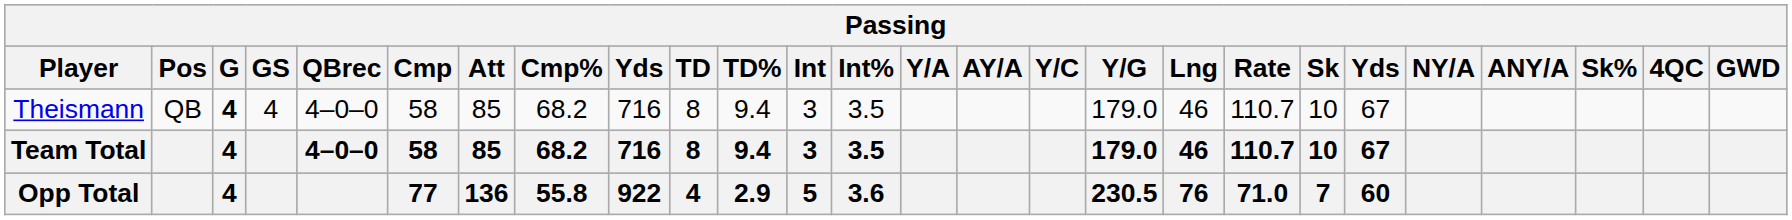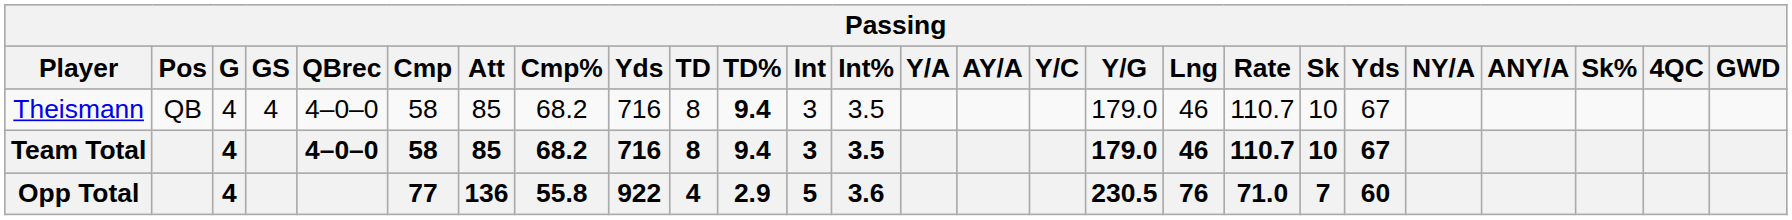 <table class="wikitable" style="text-align:center">
 <tr>
 <th colspan="26">Passing</th>
 </tr>
 <tr>
 <th>Player</th>
 <th>Pos</th>
 <th>G</th>
 <th>GS</th>
 <th>QBrec</th>
 <th>Cmp</th>
 <th>Att</th>
 <th>Cmp%</th>
 <th>Yds</th>
 <th>TD</th>
 <th>TD%</th>
 <th>Int</th>
 <th>Int%</th>
 <th>Y/A</th>
 <th>AY/A</th>
 <th>Y/C</th>
 <th>Y/G</th>
 <th>Lng</th>
 <th>Rate</th>
 <th>Sk</th>
 <th>Yds</th>
 <th>NY/A</th>
 <th>ANY/A</th>
 <th>Sk%</th>
 <th>4QC</th>
 <th>GWD</th>
 </tr>
 <tr>
 <td><a href='#'>Theismann</a></td>
 <td>QB</td>
-<td><strong>4</strong></td>
+<td>4</td>
 <td>4</td>
 <td>4–0–0</td>
 <td>58</td>
 <td>85</td>
 <td>68.2</td>
 <td>716</td>
 <td>8</td>
-<td>9.4</td>
+<td><strong>9.4</strong></td>
 <td>3</td>
 <td>3.5</td>
 <td></td>
 <td></td>
 <td></td>
 <td>179.0</td>
 <td>46</td>
 <td>110.7</td>
 <td>10</td>
 <td>67</td>
 <td></td>
 <td></td>
 <td></td>
 <td></td>
 <td></td>
 </tr>
 <tr>
 <th>Team Total</th>
 <th></th>
 <th>4</th>
 <th></th>
 <th>4–0–0</th>
 <th>58</th>
 <th>85</th>
 <th>68.2</th>
 <th>716</th>
 <th>8</th>
 <th>9.4</th>
 <th>3</th>
 <th>3.5</th>
 <th></th>
 <th></th>
 <th></th>
 <th>179.0</th>
 <th>46</th>
 <th>110.7</th>
 <th>10</th>
 <th>67</th>
 <th></th>
 <th></th>
 <th></th>
 <th></th>
 <th></th>
 </tr>
 <tr>
 <th>Opp Total</th>
 <th></th>
 <th>4</th>
 <th></th>
 <th></th>
 <th>77</th>
 <th>136</th>
 <th>55.8</th>
 <th>922</th>
 <th>4</th>
 <th>2.9</th>
 <th>5</th>
 <th>3.6</th>
 <th></th>
 <th></th>
 <th></th>
 <th>230.5</th>
 <th>76</th>
 <th>71.0</th>
 <th>7</th>
 <th>60</th>
 <th></th>
 <th></th>
 <th></th>
 <th></th>
 <th></th>
 </tr>
 </table>
